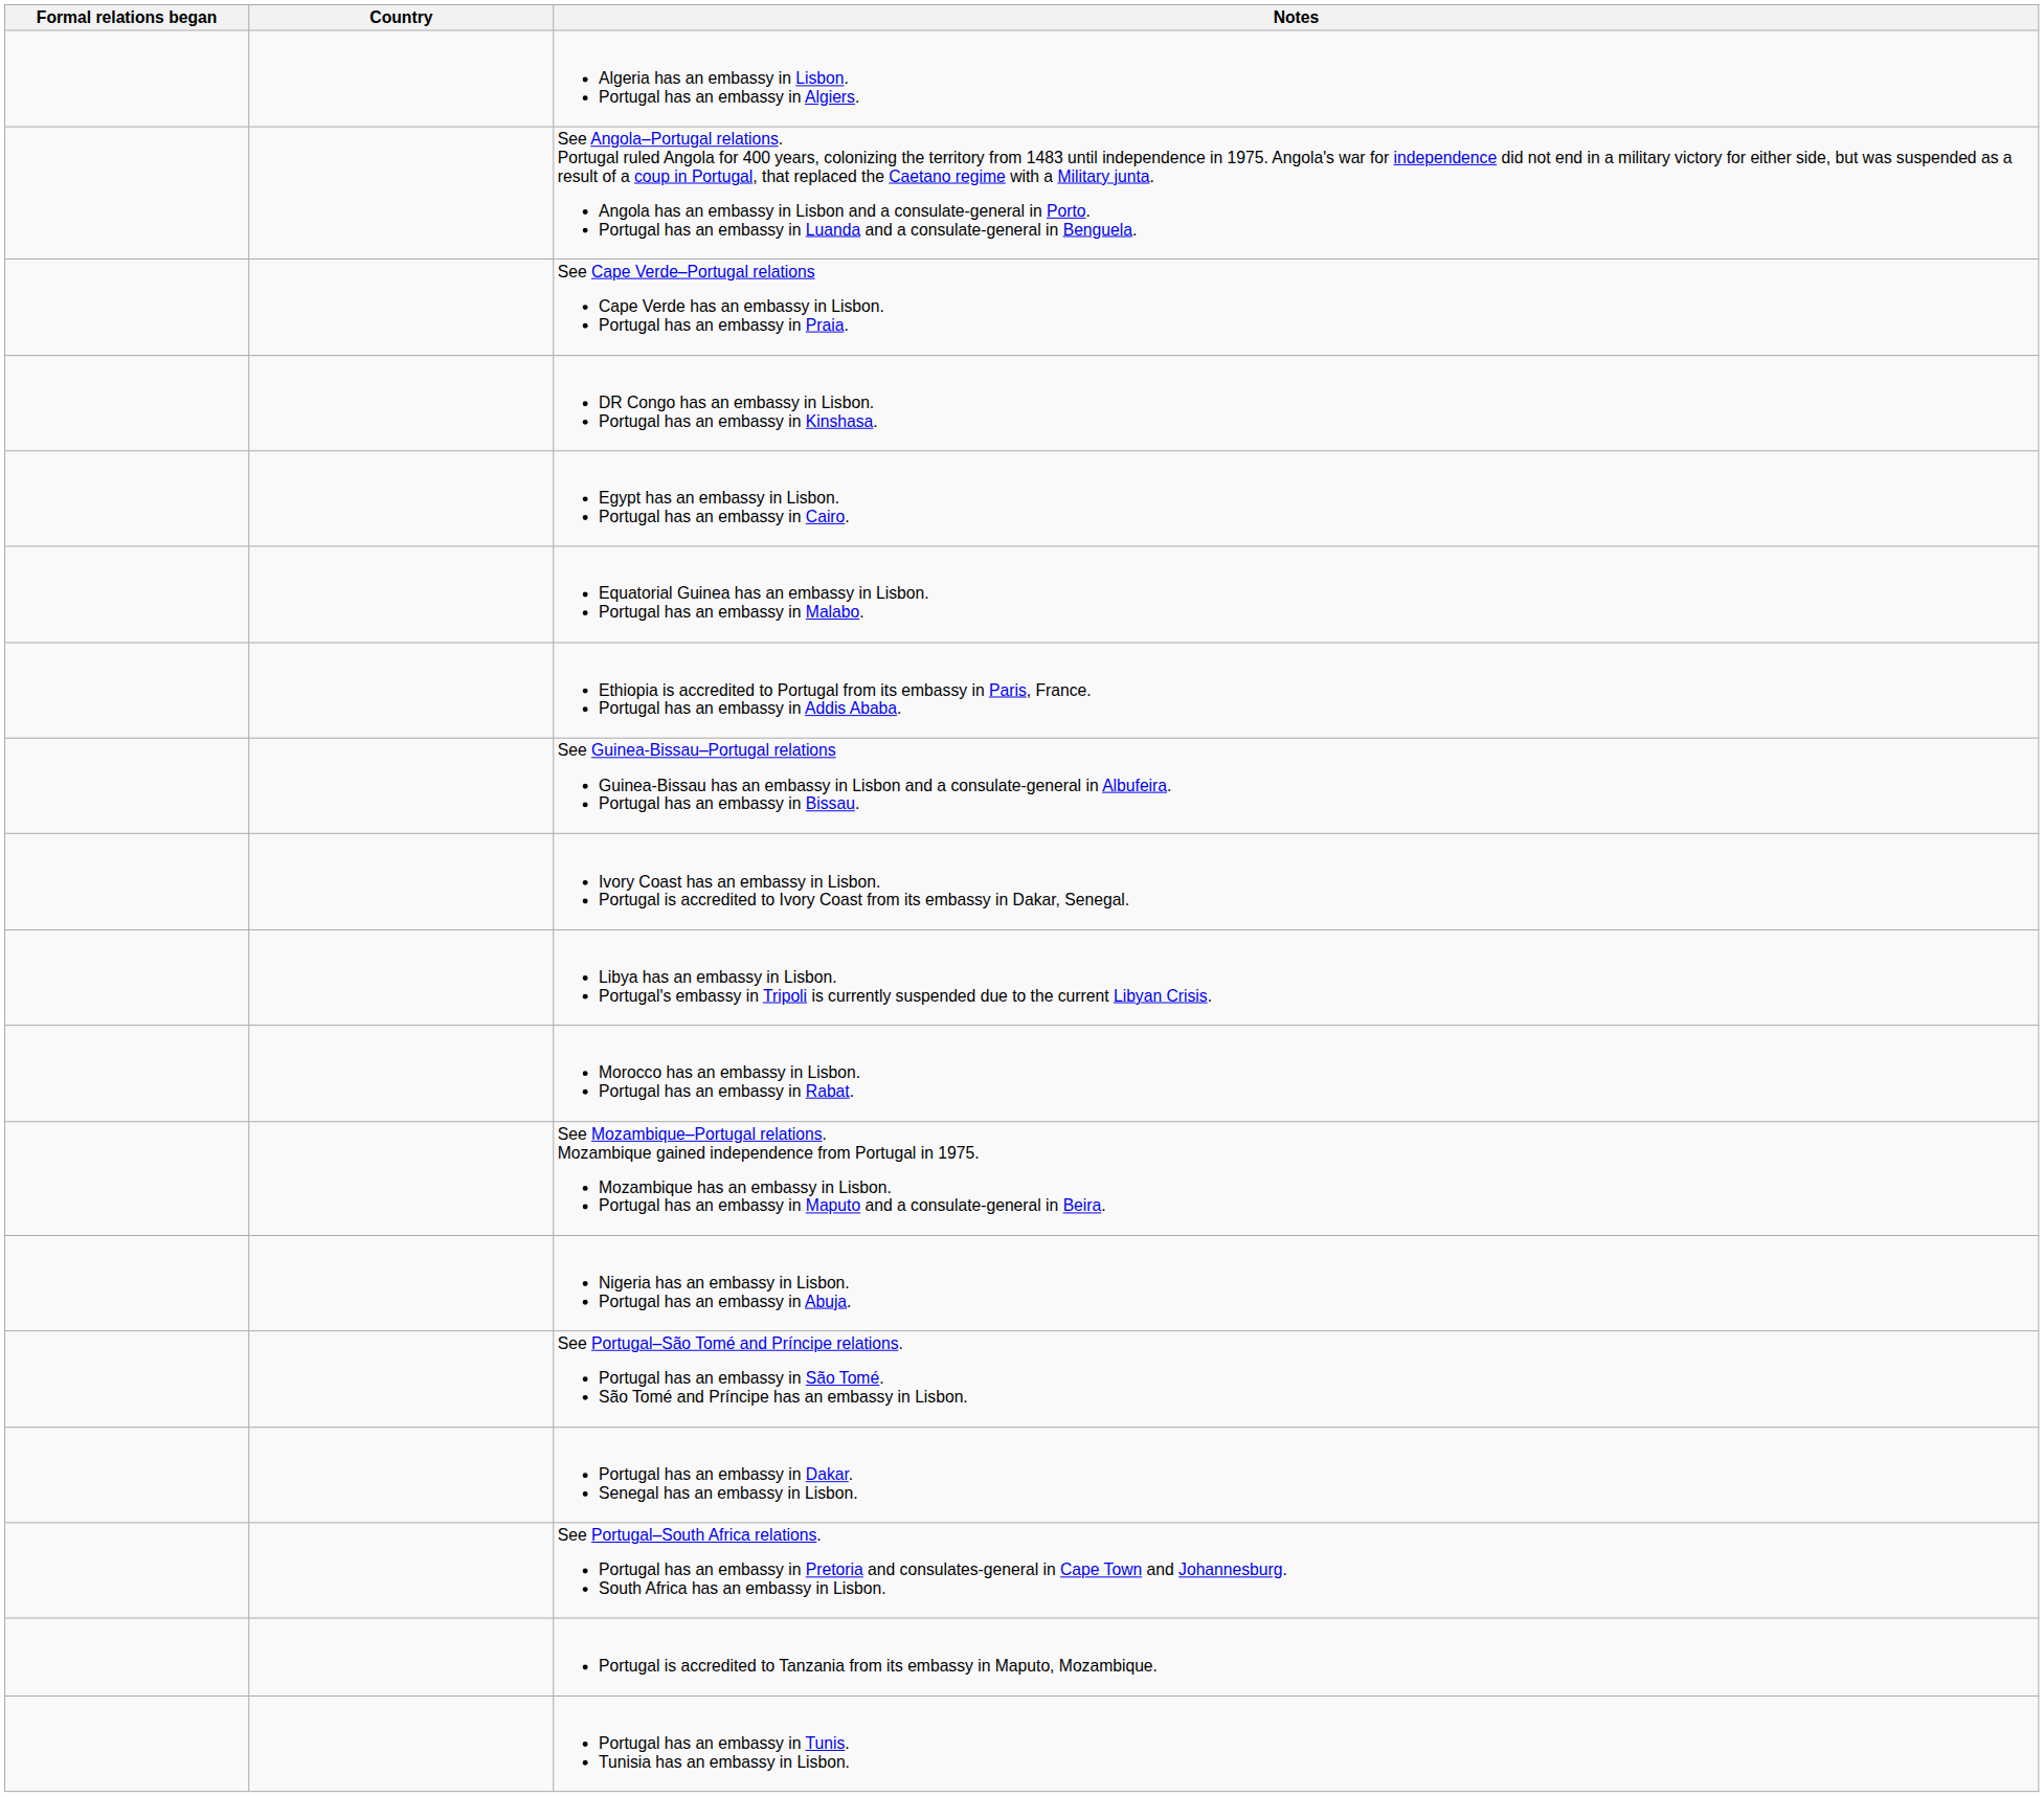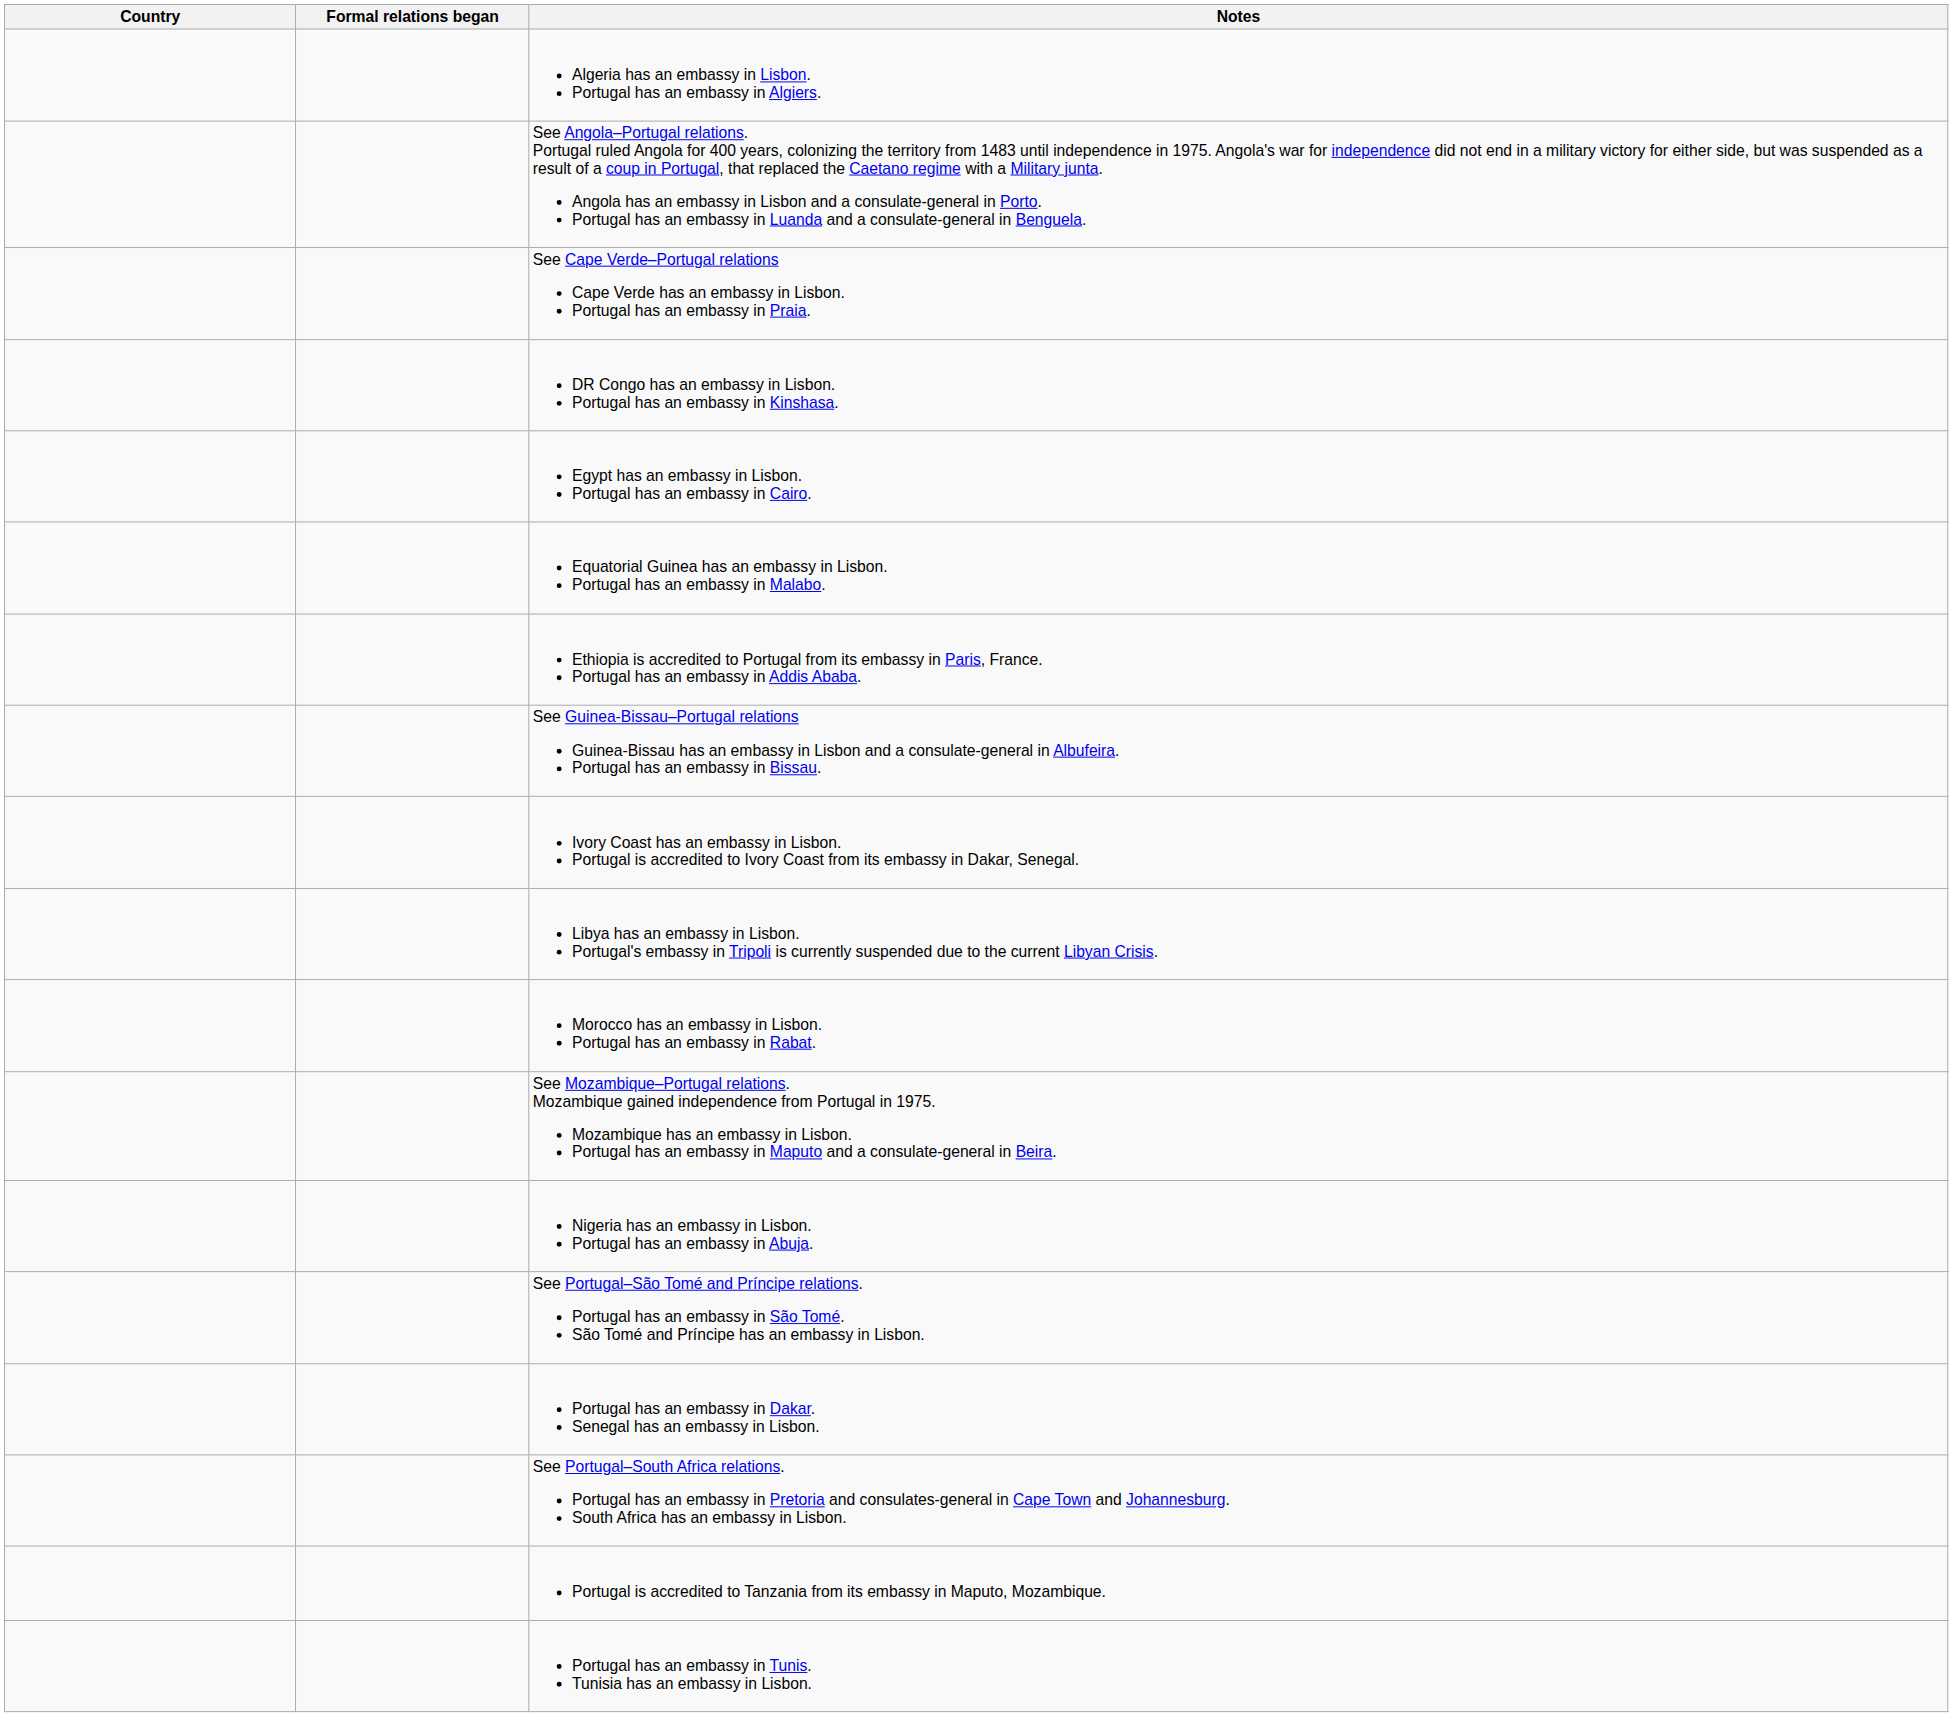 <table class="wikitable sortable" style="width:100%; margin:auto;">
 <tr>
+<th style="width:15%;">Country</th>
 <th style="width:12%;">Formal relations began</th>
-<th style="width:15%;">Country</th>
 <th>Notes</th>
 </tr>
 <tr valign="top">
 <td></td>
 <td></td>
 <td><br><ul><li>Algeria has an embassy in <a href='#'>Lisbon</a>.</li><li>Portugal has an embassy in <a href='#'>Algiers</a>.</li></ul></td>
 </tr>
 <tr valign="top">
 <td></td>
 <td></td>
 <td>See <a href='#'>Angola–Portugal relations</a>.<br>Portugal ruled Angola for 400 years, colonizing the territory from 1483 until independence in 1975. Angola's war for <a href='#'>independence</a> did not end in a military victory for either side, but was suspended as a result of a <a href='#'>coup in Portugal</a>, that replaced the <a href='#'>Caetano regime</a> with a <a href='#'>Military junta</a>.<ul><li>Angola has an embassy in Lisbon and a consulate-general in <a href='#'>Porto</a>.</li><li>Portugal has an embassy in <a href='#'>Luanda</a> and a consulate-general in <a href='#'>Benguela</a>.</li></ul></td>
 </tr>
 <tr valign="top">
 <td></td>
 <td></td>
 <td>See <a href='#'>Cape Verde–Portugal relations</a><br><ul><li>Cape Verde has an embassy in Lisbon.</li><li>Portugal has an embassy in <a href='#'>Praia</a>.</li></ul></td>
 </tr>
 <tr valign="top">
 <td></td>
 <td></td>
 <td><br><ul><li>DR Congo has an embassy in Lisbon.</li><li>Portugal has an embassy in <a href='#'>Kinshasa</a>.</li></ul></td>
 </tr>
 <tr valign="top">
 <td></td>
 <td></td>
 <td><br><ul><li>Egypt has an embassy in Lisbon.</li><li>Portugal has an embassy in <a href='#'>Cairo</a>.</li></ul></td>
 </tr>
 <tr valign="top">
 <td></td>
 <td></td>
 <td><br><ul><li>Equatorial Guinea has an embassy in Lisbon.</li><li>Portugal has an embassy in <a href='#'>Malabo</a>.</li></ul></td>
 </tr>
 <tr valign="top">
 <td></td>
 <td></td>
 <td><br><ul><li>Ethiopia is accredited to Portugal from its embassy in <a href='#'>Paris</a>, France.</li><li>Portugal has an embassy in <a href='#'>Addis Ababa</a>.</li></ul></td>
 </tr>
 <tr valign="top">
 <td></td>
 <td></td>
 <td>See <a href='#'>Guinea-Bissau–Portugal relations</a><br><ul><li>Guinea-Bissau has an embassy in Lisbon and a consulate-general in <a href='#'>Albufeira</a>.</li><li>Portugal has an embassy in <a href='#'>Bissau</a>.</li></ul></td>
 </tr>
 <tr valign="top">
 <td></td>
 <td></td>
 <td><br><ul><li>Ivory Coast has an embassy in Lisbon.</li><li>Portugal is accredited to Ivory Coast from its embassy in Dakar, Senegal.</li></ul></td>
 </tr>
 <tr valign="top">
 <td></td>
 <td></td>
 <td><br><ul><li>Libya has an embassy in Lisbon.</li><li>Portugal's embassy in <a href='#'>Tripoli</a> is currently suspended due to the current <a href='#'>Libyan Crisis</a>.</li></ul></td>
 </tr>
 <tr valign="top">
 <td></td>
 <td></td>
 <td><br><ul><li>Morocco has an embassy in Lisbon.</li><li>Portugal has an embassy in <a href='#'>Rabat</a>.</li></ul></td>
 </tr>
 <tr valign="top">
 <td></td>
 <td></td>
 <td>See <a href='#'>Mozambique–Portugal relations</a>.<br>Mozambique gained independence from Portugal in 1975.<ul><li>Mozambique has an embassy in Lisbon.</li><li>Portugal has an embassy in <a href='#'>Maputo</a> and a consulate-general in <a href='#'>Beira</a>.</li></ul></td>
 </tr>
 <tr valign="top">
 <td></td>
 <td></td>
 <td><br><ul><li>Nigeria has an embassy in Lisbon.</li><li>Portugal has an embassy in <a href='#'>Abuja</a>.</li></ul></td>
 </tr>
 <tr valign="top">
 <td></td>
 <td></td>
 <td>See <a href='#'>Portugal–São Tomé and Príncipe relations</a>.<br><ul><li>Portugal has an embassy in <a href='#'>São Tomé</a>.</li><li>São Tomé and Príncipe has an embassy in Lisbon.</li></ul></td>
 </tr>
 <tr valign="top">
 <td></td>
 <td></td>
 <td><br><ul><li>Portugal has an embassy in <a href='#'>Dakar</a>.</li><li>Senegal has an embassy in Lisbon.</li></ul></td>
 </tr>
 <tr valign="top">
 <td></td>
 <td></td>
 <td>See <a href='#'>Portugal–South Africa relations</a>.<br><ul><li>Portugal has an embassy in <a href='#'>Pretoria</a> and consulates-general in <a href='#'>Cape Town</a> and <a href='#'>Johannesburg</a>.</li><li>South Africa has an embassy in Lisbon.</li></ul></td>
 </tr>
 <tr valign="top">
 <td></td>
 <td></td>
 <td><br><ul><li>Portugal is accredited to Tanzania from its embassy in Maputo, Mozambique.</li></ul></td>
 </tr>
 <tr valign="top">
 <td></td>
 <td></td>
 <td><br><ul><li>Portugal has an embassy in <a href='#'>Tunis</a>.</li><li>Tunisia has an embassy in Lisbon.</li></ul></td>
 </tr>
 </table>
